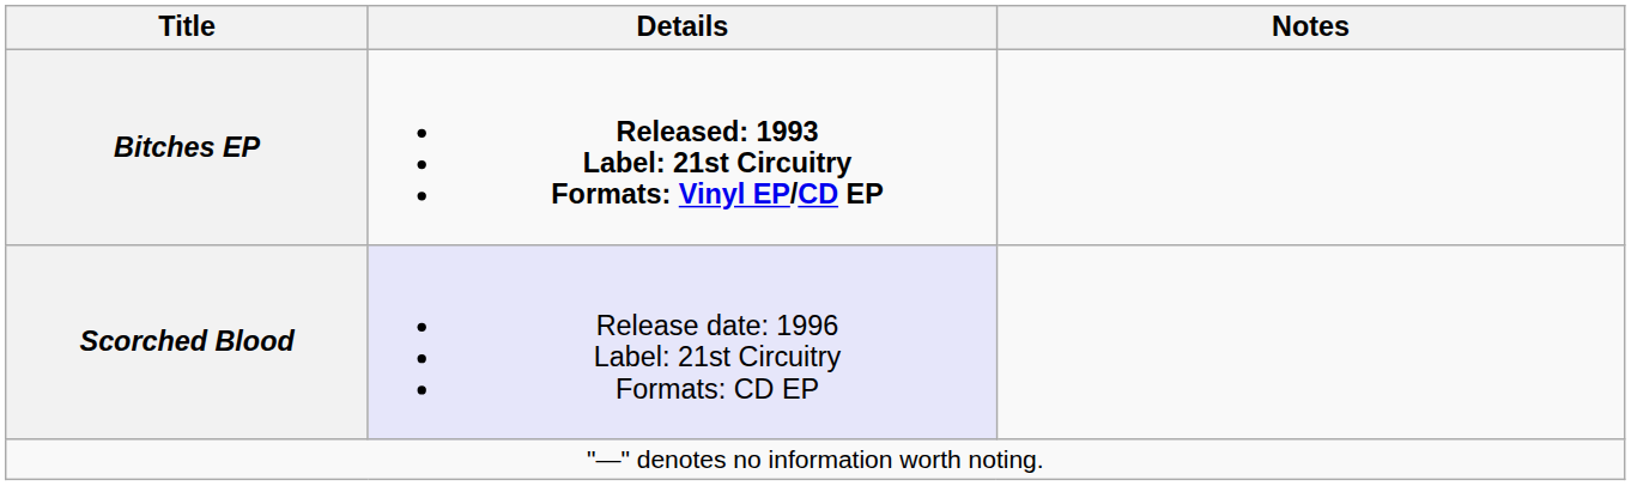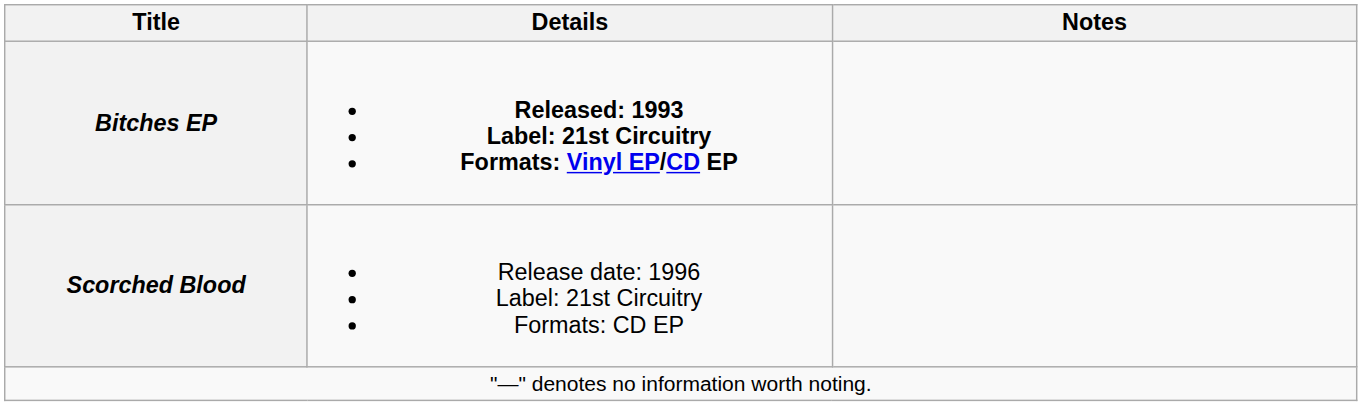 <table class="wikitable plainrowheaders" style="text-align:center;">
 <tr>
 <th scope="col" style="width:12.5em;">Title</th>
 <th scope="col" style="width:22em;">Details</th>
 <th scope="col" style="width:22em;">Notes</th>
 </tr>
 <tr>
 <th scope="row"><em>Bitches EP</em></th>
 <td><strong><br><ul><li>Released: 1993</li><li>Label: 21st Circuitry</li><li>Formats: <a href='#'>Vinyl EP</a>/<a href='#'>CD</a> EP</li></ul></strong></td>
 <td></td>
 </tr>
 <tr>
 <th scope="row"><em>Scorched Blood</em></th>
-<td style="background: lavender;"><br><ul><li>Release date: 1996</li><li>Label: 21st Circuitry</li><li>Formats: CD EP</li></ul></td>
+<td><br><ul><li>Release date: 1996</li><li>Label: 21st Circuitry</li><li>Formats: CD EP</li></ul></td>
 <td></td>
 </tr>
 <tr>
 <td colspan="12" style="font-size:90%">"—" denotes no information worth noting.</td>
 </tr>
 </table>
